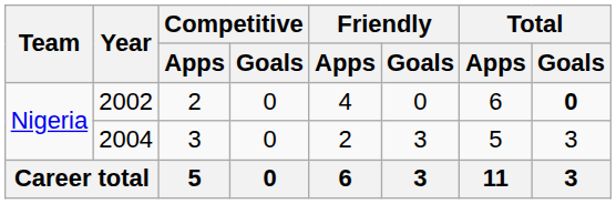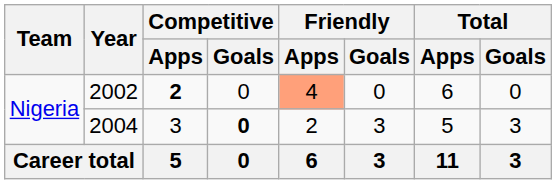 <table class="wikitable" style="text-align:center">
 <tr>
 <th rowspan=2>Team</th>
 <th rowspan=2>Year</th>
 <th colspan=2>Competitive</th>
 <th colspan=2>Friendly</th>
 <th colspan=2>Total</th>
 </tr>
 <tr>
 <th>Apps</th>
 <th>Goals</th>
 <th>Apps</th>
 <th>Goals</th>
 <th>Apps</th>
 <th>Goals</th>
 </tr>
 <tr>
 <td rowspan="2"><a href='#'>Nigeria</a></td>
 <td>2002</td>
-<td>2</td>
+<td><strong>2</strong></td>
 <td>0</td>
-<td>4</td>
+<td style="background: lightsalmon;">4</td>
 <td>0</td>
 <td>6</td>
-<td><strong>0</strong></td>
+<td>0</td>
 </tr>
 <tr>
 <td>2004</td>
 <td>3</td>
-<td>0</td>
+<td><strong>0</strong></td>
 <td>2</td>
 <td>3</td>
 <td>5</td>
 <td>3</td>
 </tr>
 <tr>
 <th colspan="2">Career total</th>
 <th>5</th>
 <th>0</th>
 <th>6</th>
 <th>3</th>
 <th>11</th>
 <th>3</th>
 </tr>
 </table>
